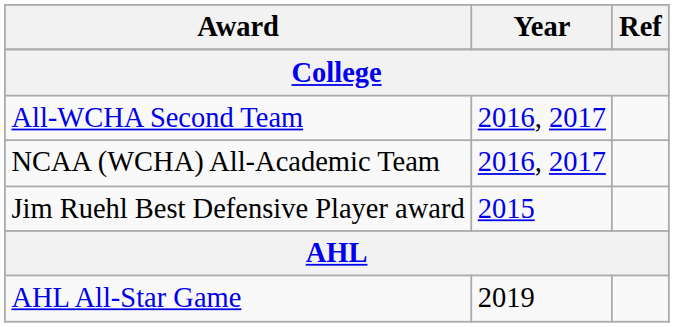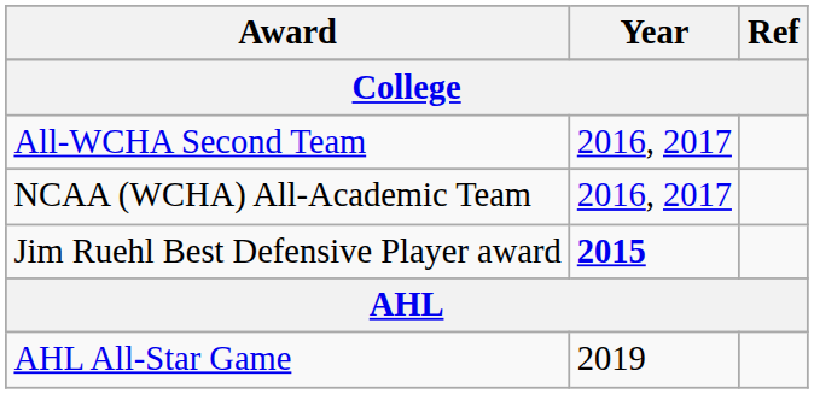 <table class="wikitable">
 <tr>
 <th>Award</th>
 <th>Year</th>
 <th>Ref</th>
 </tr>
 <tr>
 </tr>
 <tr>
 <th colspan="3"><a href='#'>College</a></th>
 </tr>
 <tr>
 <td><a href='#'>All-WCHA Second Team</a></td>
 <td><a href='#'>2016</a>, <a href='#'>2017</a></td>
 <td></td>
 </tr>
 <tr>
 <td>NCAA (WCHA) All-Academic Team</td>
 <td><a href='#'>2016</a>, <a href='#'>2017</a></td>
 <td></td>
 </tr>
 <tr>
 <td>Jim Ruehl Best Defensive Player award</td>
-<td><a href='#'>2015</a></td>
+<td><strong><a href='#'>2015</a></strong></td>
 <td></td>
 </tr>
 <tr>
 <th colspan="3"><a href='#'>AHL</a></th>
 </tr>
 <tr>
 <td><a href='#'>AHL All-Star Game</a></td>
 <td>2019</td>
 <td></td>
 </tr>
 </table>
